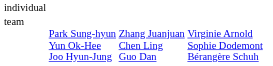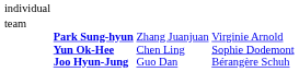 <table>
 <tr>
 <td>individual<br></td>
 <td></td>
 <td></td>
 <td></td>
 </tr>
 <tr valign="top">
 <td>team<br></td>
-<td><br> <a href='#'>Park Sung-hyun</a><br><a href='#'>Yun Ok-Hee</a><br><a href='#'>Joo Hyun-Jung</a></td>
+<td><strong><br> <a href='#'>Park Sung-hyun</a><br><a href='#'>Yun Ok-Hee</a><br><a href='#'>Joo Hyun-Jung</a></strong></td>
 <td><br><a href='#'>Zhang Juanjuan</a><br><a href='#'>Chen Ling</a><br><a href='#'>Guo Dan</a></td>
 <td><br><a href='#'>Virginie Arnold</a><br><a href='#'>Sophie Dodemont</a><br><a href='#'>Bérangère Schuh</a></td>
 </tr>
 </table>
